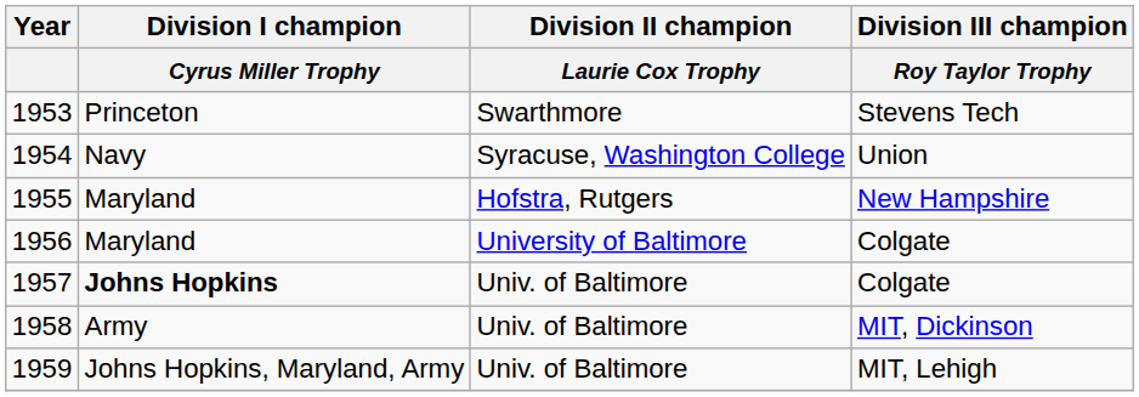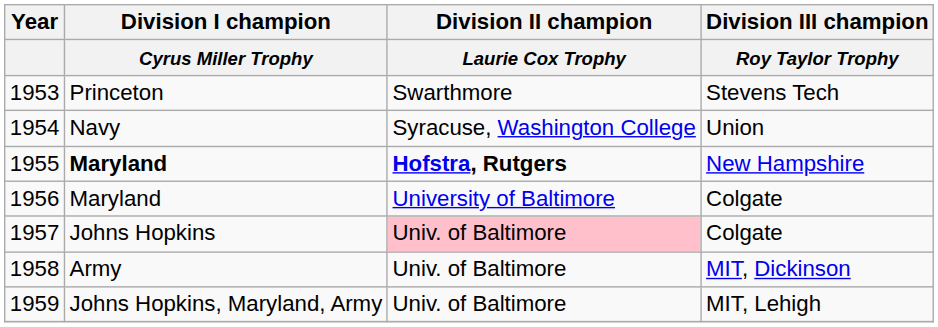 <table class="wikitable">
 <tr>
 <th>Year</th>
 <th>Division I champion</th>
 <th>Division II champion</th>
 <th>Division III champion</th>
 </tr>
 <tr --->
 <th></th>
 <th><small><em>Cyrus Miller Trophy</em></small></th>
 <th><small><em>Laurie Cox Trophy</em></small></th>
 <th><small><em>Roy Taylor Trophy</em></small></th>
 </tr>
 <tr --->
 <td>1953</td>
 <td>Princeton</td>
 <td>Swarthmore</td>
 <td>Stevens Tech</td>
 </tr>
 <tr --->
 <td>1954</td>
 <td>Navy</td>
 <td>Syracuse, <a href='#'>Washington College</a></td>
 <td>Union</td>
 </tr>
 <tr --->
 <td>1955</td>
-<td>Maryland</td>
-<td><a href='#'>Hofstra</a>, Rutgers</td>
+<td><strong>Maryland</strong></td>
+<td><strong><a href='#'>Hofstra</a>, Rutgers</strong></td>
 <td><a href='#'>New Hampshire</a></td>
 </tr>
 <tr --->
 <td>1956</td>
 <td>Maryland</td>
 <td><a href='#'>University of Baltimore</a></td>
 <td>Colgate</td>
 </tr>
 <tr --->
 <td>1957</td>
-<td><strong>Johns Hopkins</strong></td>
-<td>Univ. of Baltimore</td>
+<td>Johns Hopkins</td>
+<td style="background: pink;">Univ. of Baltimore</td>
 <td>Colgate</td>
 </tr>
 <tr --->
 <td>1958</td>
 <td>Army</td>
 <td>Univ. of Baltimore</td>
 <td><a href='#'>MIT</a>, <a href='#'>Dickinson</a></td>
 </tr>
 <tr --->
 <td>1959</td>
 <td>Johns Hopkins, Maryland, Army</td>
 <td>Univ. of Baltimore</td>
 <td>MIT, Lehigh</td>
 </tr>
 <tr --->
 </tr>
 </table>
